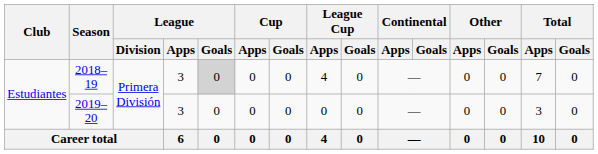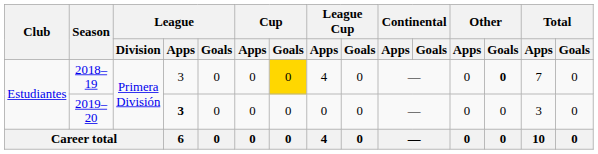 <table class="wikitable" style="text-align:center">
 <tr>
 <th rowspan="2">Club</th>
 <th rowspan="2">Season</th>
 <th colspan="3">League</th>
 <th colspan="2">Cup</th>
 <th colspan="2">League Cup</th>
 <th colspan="2">Continental</th>
 <th colspan="2">Other</th>
 <th colspan="2">Total</th>
 </tr>
 <tr>
 <th>Division</th>
 <th>Apps</th>
 <th>Goals</th>
 <th>Apps</th>
 <th>Goals</th>
 <th>Apps</th>
 <th>Goals</th>
 <th>Apps</th>
 <th>Goals</th>
 <th>Apps</th>
 <th>Goals</th>
 <th>Apps</th>
 <th>Goals</th>
 </tr>
 <tr>
 <td rowspan="2"><a href='#'>Estudiantes</a></td>
 <td><a href='#'>2018–19</a></td>
 <td rowspan="2"><a href='#'>Primera División</a></td>
 <td>3</td>
-<td style="background: lightgrey;">0</td>
 <td>0</td>
 <td>0</td>
+<td style="background: gold;">0</td>
 <td>4</td>
 <td>0</td>
 <td colspan="2">—</td>
 <td>0</td>
-<td>0</td>
+<td><strong>0</strong></td>
 <td>7</td>
 <td>0</td>
 </tr>
 <tr>
 <td><a href='#'>2019–20</a></td>
-<td>3</td>
+<td><strong>3</strong></td>
 <td>0</td>
 <td>0</td>
 <td>0</td>
 <td>0</td>
 <td>0</td>
 <td colspan="2">—</td>
 <td>0</td>
 <td>0</td>
 <td>3</td>
 <td>0</td>
 </tr>
 <tr>
 <th colspan="3">Career total</th>
 <th>6</th>
 <th>0</th>
 <th>0</th>
 <th>0</th>
 <th>4</th>
 <th>0</th>
 <th colspan="2">—</th>
 <th>0</th>
 <th>0</th>
 <th>10</th>
 <th>0</th>
 </tr>
 </table>
